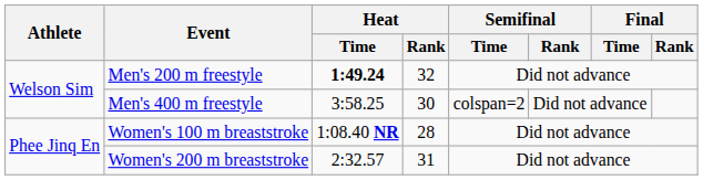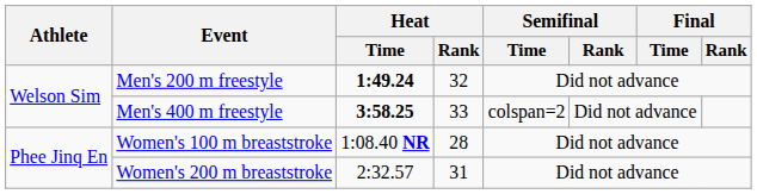 <table class=wikitable style=font-size:90%;text-align:center>
 <tr>
 <th rowspan=2>Athlete</th>
 <th rowspan=2>Event</th>
 <th colspan=2>Heat</th>
 <th colspan=2>Semifinal</th>
 <th colspan=2>Final</th>
 </tr>
 <tr style=font-size:95%>
 <th>Time</th>
 <th>Rank</th>
 <th>Time</th>
 <th>Rank</th>
 <th>Time</th>
 <th>Rank</th>
 </tr>
 <tr>
 <td align=left rowspan=2><a href='#'>Welson Sim</a></td>
 <td align=left><a href='#'>Men's 200 m freestyle</a></td>
 <td><strong>1:49.24</strong></td>
 <td>32</td>
 <td colspan="4">Did not advance</td>
 </tr>
 <tr>
 <td align=left><a href='#'>Men's 400 m freestyle</a></td>
-<td>3:58.25</td>
-<td>30</td>
+<td><strong>3:58.25</strong></td>
+<td>33</td>
 <td>colspan=2 </td>
 <td colspan="2">Did not advance</td>
 </tr>
 <tr>
 <td align=left rowspan=2><a href='#'>Phee Jinq En</a></td>
 <td align=left><a href='#'>Women's 100 m breaststroke</a></td>
 <td>1:08.40 <strong><a href='#'>NR</a></strong></td>
 <td>28</td>
 <td colspan="4">Did not advance</td>
 </tr>
 <tr>
 <td align=left><a href='#'>Women's 200 m breaststroke</a></td>
 <td>2:32.57</td>
 <td>31</td>
 <td colspan="4">Did not advance</td>
 </tr>
 </table>
